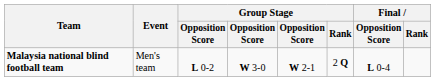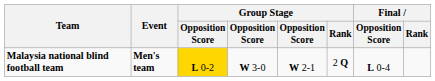 <table class="wikitable" style="font-size:90%">
 <tr>
 <th rowspan=2>Team</th>
 <th rowspan=2>Event</th>
 <th colspan=4>Group Stage</th>
 <th colspan=2>Final / </th>
 </tr>
 <tr style="font-size:95%">
 <th>Opposition<br>Score</th>
 <th>Opposition<br>Score</th>
 <th>Opposition<br>Score</th>
 <th>Rank</th>
 <th>Opposition<br>Score</th>
 <th>Rank</th>
 </tr>
 <tr align=center>
 <td align=left><strong>Malaysia national blind football team</strong></td>
-<td align=left>Men's team</td>
-<td><br> <strong>L</strong> 0-2</td>
+<td align=left><strong>Men's team</strong></td>
+<td style="background: gold;"><br> <strong>L</strong> 0-2</td>
 <td><br> <strong>W</strong> 3-0</td>
 <td><br> <strong>W</strong> 2-1</td>
 <td>2 <strong>Q</strong></td>
 <td><br> <strong>L</strong> 0-4</td>
 <td></td>
 </tr>
 </table>
